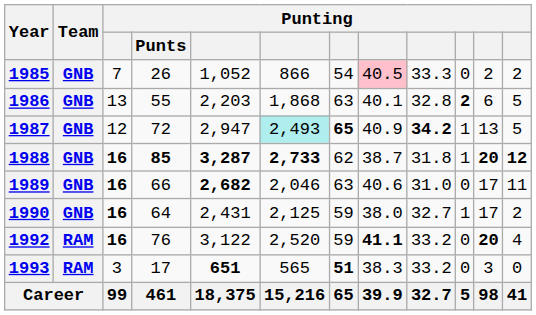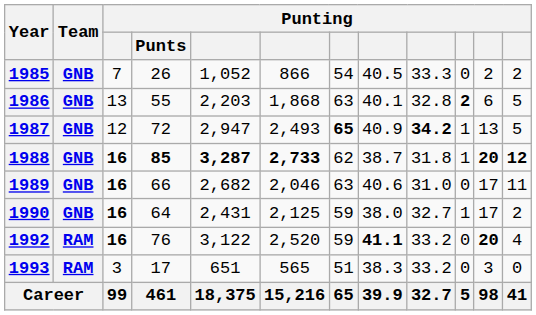 <table class=wikitable style="text-align:center;">
 <tr>
 <th rowspan="2">Year</th>
 <th rowspan="2">Team</th>
 <th colspan="10">Punting</th>
 </tr>
 <tr>
 <th></th>
 <th>Punts</th>
 <th></th>
 <th></th>
 <th></th>
 <th></th>
 <th></th>
 <th></th>
 <th></th>
 <th></th>
 </tr>
 <tr>
 <th><a href='#'>1985</a></th>
 <th><a href='#'>GNB</a></th>
 <td>7</td>
 <td>26</td>
 <td>1,052</td>
 <td>866</td>
 <td>54</td>
-<td style="background: pink;">40.5</td>
+<td>40.5</td>
 <td>33.3</td>
 <td>0</td>
 <td>2</td>
 <td>2</td>
 </tr>
 <tr>
 <th><a href='#'>1986</a></th>
 <th><a href='#'>GNB</a></th>
 <td>13</td>
 <td>55</td>
 <td>2,203</td>
 <td>1,868</td>
 <td>63</td>
 <td>40.1</td>
 <td>32.8</td>
 <td><strong>2</strong></td>
 <td>6</td>
 <td>5</td>
 </tr>
 <tr>
 <th><a href='#'>1987</a></th>
 <th><a href='#'>GNB</a></th>
 <td>12</td>
 <td>72</td>
 <td>2,947</td>
-<td style="background: paleturquoise;">2,493</td>
+<td>2,493</td>
 <td><strong>65</strong></td>
 <td>40.9</td>
 <td><strong>34.2</strong></td>
 <td>1</td>
 <td>13</td>
 <td>5</td>
 </tr>
 <tr>
 <th><a href='#'>1988</a></th>
 <th><a href='#'>GNB</a></th>
 <td><strong>16</strong></td>
 <td><strong>85</strong></td>
 <td><strong>3,287</strong></td>
 <td><strong>2,733</strong></td>
 <td>62</td>
 <td>38.7</td>
 <td>31.8</td>
 <td>1</td>
 <td><strong>20</strong></td>
 <td><strong>12</strong></td>
 </tr>
 <tr>
 <th><a href='#'>1989</a></th>
 <th><a href='#'>GNB</a></th>
 <td><strong>16</strong></td>
 <td>66</td>
-<td><strong>2,682</strong></td>
+<td>2,682</td>
 <td>2,046</td>
 <td>63</td>
 <td>40.6</td>
 <td>31.0</td>
 <td>0</td>
 <td>17</td>
 <td>11</td>
 </tr>
 <tr>
 <th><a href='#'>1990</a></th>
 <th><a href='#'>GNB</a></th>
 <td><strong>16</strong></td>
 <td>64</td>
 <td>2,431</td>
 <td>2,125</td>
 <td>59</td>
 <td>38.0</td>
 <td>32.7</td>
 <td>1</td>
 <td>17</td>
 <td>2</td>
 </tr>
 <tr>
 <th><a href='#'>1992</a></th>
 <th><a href='#'>RAM</a></th>
 <td><strong>16</strong></td>
 <td>76</td>
 <td>3,122</td>
 <td>2,520</td>
 <td>59</td>
 <td><strong>41.1</strong></td>
 <td>33.2</td>
 <td>0</td>
 <td><strong>20</strong></td>
 <td>4</td>
 </tr>
 <tr>
 <th><a href='#'>1993</a></th>
 <th><a href='#'>RAM</a></th>
 <td>3</td>
 <td>17</td>
-<td><strong>651</strong></td>
+<td>651</td>
 <td>565</td>
-<td><strong>51</strong></td>
+<td>51</td>
 <td>38.3</td>
 <td>33.2</td>
 <td>0</td>
 <td>3</td>
 <td>0</td>
 </tr>
 <tr>
 <th colspan="2">Career</th>
 <th>99</th>
 <th>461</th>
 <th>18,375</th>
 <th>15,216</th>
 <th>65</th>
 <th>39.9</th>
 <th>32.7</th>
 <th>5</th>
 <th>98</th>
 <th>41</th>
 </tr>
 </table>
